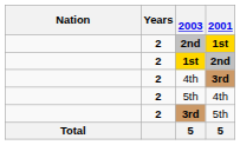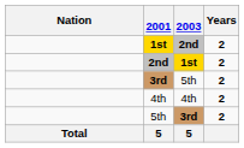 <table class="wikitable" style="text-align:center; font-size:90%">
 <tr>
 <th width=170>Nation</th>
+<th><br><a href='#'>2001</a></th>
+<th><br><a href='#'>2003</a></th>
 <th>Years</th>
-<th><br><a href='#'>2003</a></th>
-<th><br><a href='#'>2001</a></th>
 </tr>
 <tr>
 <td align=left></td>
+<td bgcolor=gold><strong>1st</strong></td>
+<td bgcolor=silver><strong>2nd</strong></td>
 <td><strong>2</strong></td>
-<td bgcolor=silver><strong>2nd</strong></td>
-<td bgcolor=gold><strong>1st</strong></td>
 </tr>
 <tr>
 <td align=left></td>
+<td bgcolor=silver><strong>2nd</strong></td>
+<td bgcolor=gold><strong>1st</strong></td>
 <td><strong>2</strong></td>
-<td bgcolor=gold><strong>1st</strong></td>
-<td bgcolor=silver><strong>2nd</strong></td>
 </tr>
 <tr>
 <td align=left></td>
+<td bgcolor=#cc9966><strong>3rd</strong></td>
+<td>5th</td>
 <td><strong>2</strong></td>
-<td>4th</td>
-<td bgcolor=#cc9966><strong>3rd</strong></td>
 </tr>
 <tr>
 <td align=left></td>
+<td>4th</td>
+<td>4th</td>
 <td><strong>2</strong></td>
-<td>5th</td>
-<td>4th</td>
 </tr>
 <tr>
 <td align=left></td>
+<td>5th</td>
+<td bgcolor=#cc9966><strong>3rd</strong></td>
 <td><strong>2</strong></td>
-<td bgcolor=#cc9966><strong>3rd</strong></td>
-<td>5th</td>
 </tr>
 <tr>
 <th>Total</th>
-<th></th>
 <th>5</th>
 <th>5</th>
+<th></th>
 </tr>
 </table>
